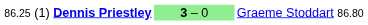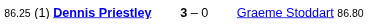 <table style="text-align:center">
 <tr>
 <th width=223></th>
 <th width=100></th>
 <th width=223></th>
 </tr>
 <tr>
 <td align=right><small>86.25</small> (1) <strong><a href='#'>Dennis Priestley</a></strong> </td>
-<td style="background: lightgreen;"><strong>3</strong> – 0</td>
+<td><strong>3</strong> – 0</td>
 <td align=left> <a href='#'>Graeme Stoddart</a> <small>86.80</small></td>
 </tr>
 </table>
